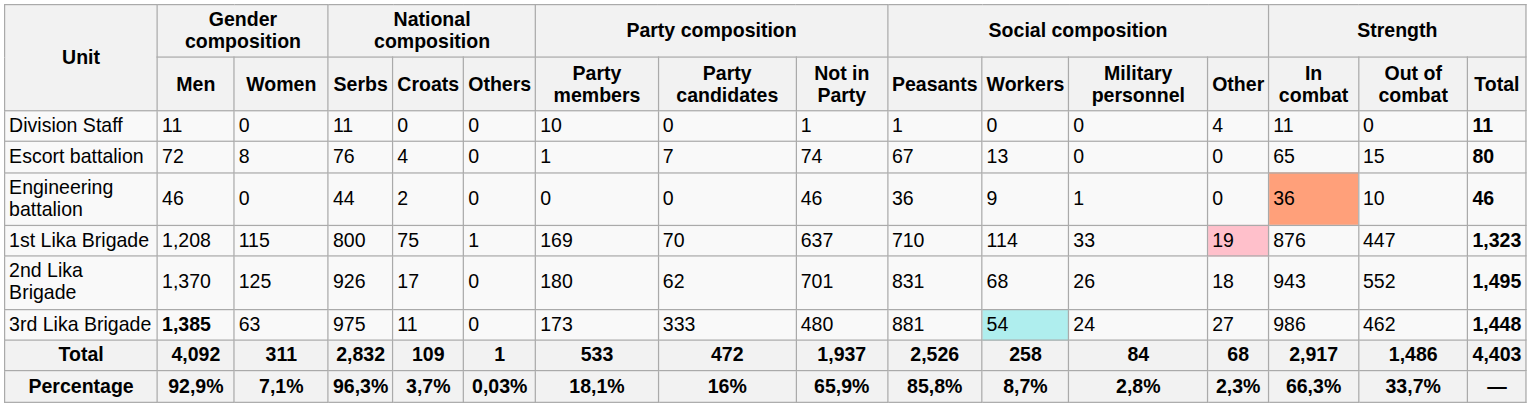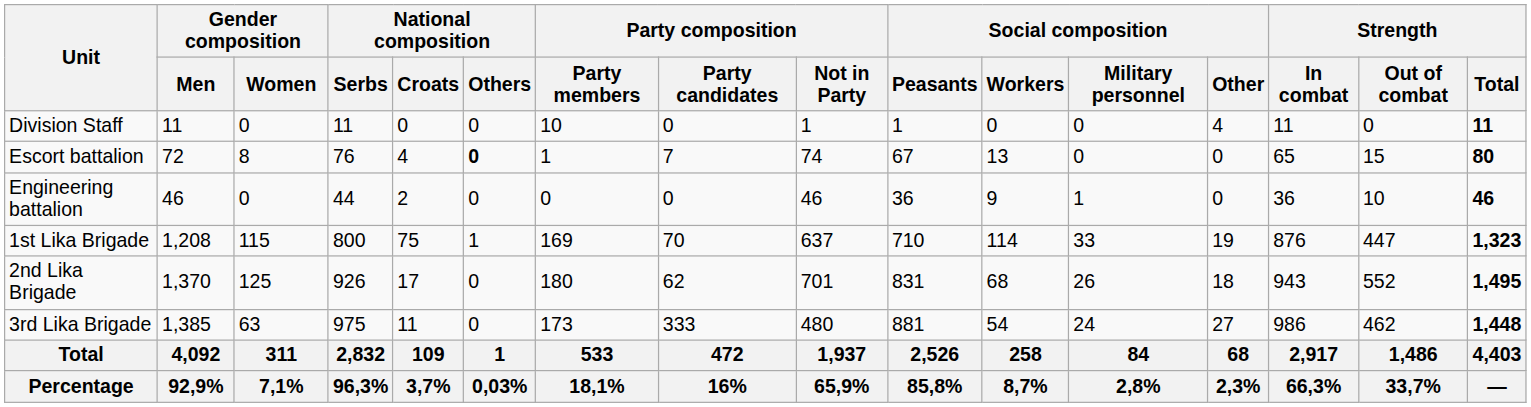 <table class="wikitable">
 <tr>
 <th rowspan="2">Unit</th>
 <th colspan="2">Gender composition</th>
 <th colspan="3">National composition</th>
 <th colspan="3">Party composition</th>
 <th colspan="4">Social composition</th>
 <th colspan="3">Strength</th>
 </tr>
 <tr>
 <th>Men</th>
 <th>Women</th>
 <th>Serbs</th>
 <th>Croats</th>
 <th>Others</th>
 <th>Party members</th>
 <th>Party candidates</th>
 <th>Not in Party</th>
 <th>Peasants</th>
 <th>Workers</th>
 <th>Military personnel</th>
 <th>Other</th>
 <th>In combat</th>
 <th>Out of combat</th>
 <th>Total</th>
 </tr>
 <tr>
 <td>Division Staff</td>
 <td>11</td>
 <td>0</td>
 <td>11</td>
 <td>0</td>
 <td>0</td>
 <td>10</td>
 <td>0</td>
 <td>1</td>
 <td>1</td>
 <td>0</td>
 <td>0</td>
 <td>4</td>
 <td>11</td>
 <td>0</td>
 <td><strong>11</strong></td>
 </tr>
 <tr>
 <td>Escort battalion</td>
 <td>72</td>
 <td>8</td>
 <td>76</td>
 <td>4</td>
-<td>0</td>
+<td><strong>0</strong></td>
 <td>1</td>
 <td>7</td>
 <td>74</td>
 <td>67</td>
 <td>13</td>
 <td>0</td>
 <td>0</td>
 <td>65</td>
 <td>15</td>
 <td><strong>80</strong></td>
 </tr>
 <tr>
 <td>Engineering battalion</td>
 <td>46</td>
 <td>0</td>
 <td>44</td>
 <td>2</td>
 <td>0</td>
 <td>0</td>
 <td>0</td>
 <td>46</td>
 <td>36</td>
 <td>9</td>
 <td>1</td>
 <td>0</td>
-<td style="background: lightsalmon;">36</td>
+<td>36</td>
 <td>10</td>
 <td><strong>46</strong></td>
 </tr>
 <tr>
 <td>1st Lika Brigade</td>
 <td>1,208</td>
 <td>115</td>
 <td>800</td>
 <td>75</td>
 <td>1</td>
 <td>169</td>
 <td>70</td>
 <td>637</td>
 <td>710</td>
 <td>114</td>
 <td>33</td>
-<td style="background: pink;">19</td>
+<td>19</td>
 <td>876</td>
 <td>447</td>
 <td><strong>1,323</strong></td>
 </tr>
 <tr>
 <td>2nd Lika Brigade</td>
 <td>1,370</td>
 <td>125</td>
 <td>926</td>
 <td>17</td>
 <td>0</td>
 <td>180</td>
 <td>62</td>
 <td>701</td>
 <td>831</td>
 <td>68</td>
 <td>26</td>
 <td>18</td>
 <td>943</td>
 <td>552</td>
 <td><strong>1,495</strong></td>
 </tr>
 <tr>
 <td>3rd Lika Brigade</td>
-<td><strong>1,385</strong></td>
+<td>1,385</td>
 <td>63</td>
 <td>975</td>
 <td>11</td>
 <td>0</td>
 <td>173</td>
 <td>333</td>
 <td>480</td>
 <td>881</td>
-<td style="background: paleturquoise;">54</td>
+<td>54</td>
 <td>24</td>
 <td>27</td>
 <td>986</td>
 <td>462</td>
 <td><strong>1,448</strong></td>
 </tr>
 <tr>
 <th>Total</th>
 <th>4,092</th>
 <th>311</th>
 <th>2,832</th>
 <th>109</th>
 <th>1</th>
 <th>533</th>
 <th>472</th>
 <th>1,937</th>
 <th>2,526</th>
 <th>258</th>
 <th>84</th>
 <th>68</th>
 <th>2,917</th>
 <th>1,486</th>
 <th>4,403</th>
 </tr>
 <tr>
 <th>Percentage</th>
 <th>92,9%</th>
 <th>7,1%</th>
 <th>96,3%</th>
 <th>3,7%</th>
 <th>0,03%</th>
 <th>18,1%</th>
 <th>16%</th>
 <th>65,9%</th>
 <th>85,8%</th>
 <th>8,7%</th>
 <th>2,8%</th>
 <th>2,3%</th>
 <th>66,3%</th>
 <th>33,7%</th>
 <th>—</th>
 </tr>
 </table>
